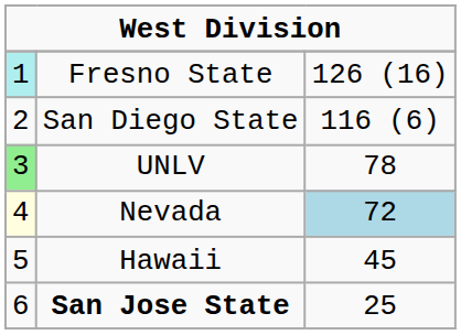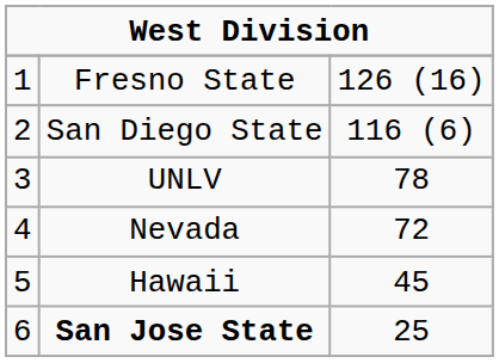 <table class="wikitable">
 <tr align="center">
 <td align="center" Colspan="3"><strong>West Division</strong></td>
 </tr>
 <tr align="center">
 </tr>
 <tr align="center">
-<td style="background: paleturquoise;">1</td>
+<td>1</td>
 <td>Fresno State</td>
 <td>126 (16)</td>
 </tr>
 <tr align="center">
 <td>2</td>
 <td>San Diego State</td>
 <td>116 (6)</td>
 </tr>
 <tr align="center">
-<td style="background: lightgreen;">3</td>
+<td>3</td>
 <td>UNLV</td>
 <td>78</td>
 </tr>
 <tr align="center">
-<td style="background: lightyellow;">4</td>
+<td>4</td>
 <td>Nevada</td>
-<td style="background: lightblue;">72</td>
+<td>72</td>
 </tr>
 <tr align="center">
 <td>5</td>
 <td>Hawaii</td>
 <td>45</td>
 </tr>
 <tr align="center">
 <td>6</td>
 <td><strong>San Jose State</strong></td>
 <td>25</td>
 </tr>
 </table>
